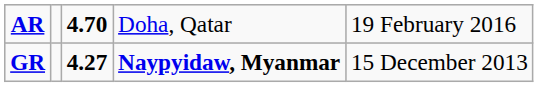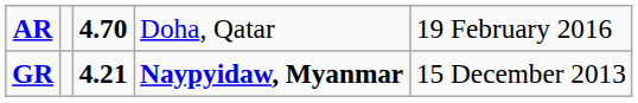 <table class="wikitable" style="font-size:95%; position:relative;">
 <tr>
 <td align=center><strong><a href='#'>AR</a></strong></td>
 <td></td>
 <td><strong>4.70</strong></td>
 <td><a href='#'>Doha</a>, Qatar</td>
 <td>19 February 2016</td>
 </tr>
 <tr>
 <td align=center><strong><a href='#'>GR</a></strong></td>
 <td></td>
-<td><strong>4.27</strong></td>
+<td><strong>4.21</strong></td>
 <td><strong><a href='#'>Naypyidaw</a>, Myanmar</strong></td>
 <td>15 December 2013</td>
 </tr>
 </table>
